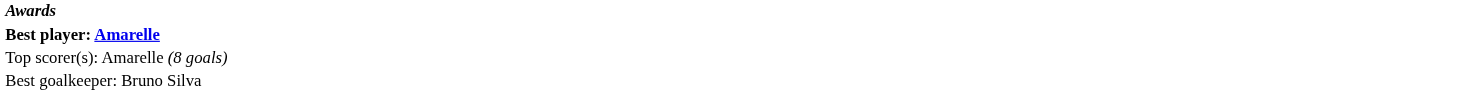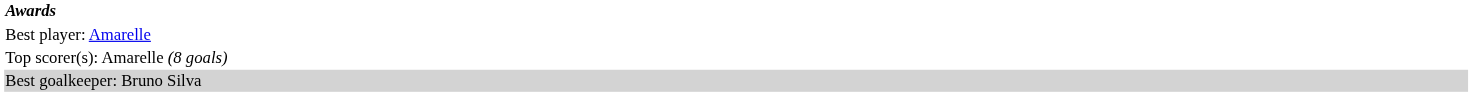 <table width=100% cellspacing=1 style="font-size: 90%;">
 <tr>
 <td><strong><em>Awards</em></strong></td>
 </tr>
 <tr>
-<td><strong>Best player:  <a href='#'>Amarelle</a></strong></td>
+<td>Best player:  <a href='#'>Amarelle</a></td>
 </tr>
 <tr>
 <td colspan=4>Top scorer(s):  Amarelle <em>(8 goals)</em></td>
 </tr>
 <tr>
-<td>Best goalkeeper:  Bruno Silva</td>
+<td style="background: lightgrey;">Best goalkeeper:  Bruno Silva</td>
 </tr>
 </table>
